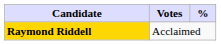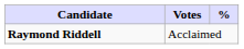 <table class="wikitable">
 <tr>
 <th style="background:#ddf; width:200px;">Candidate</th>
 <th style="background:#ddf; width:50px;">Votes</th>
 <th style="background:#ddf; width:30px;">%</th>
 </tr>
 <tr>
-<td style="background: gold;"><strong>Raymond Riddell</strong></td>
+<td><strong>Raymond Riddell</strong></td>
 <td colspan="2">Acclaimed</td>
 </tr>
 </table>
